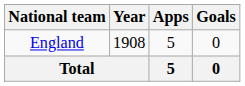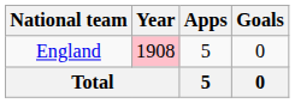 <table class=wikitable style="text-align: center">
 <tr>
 <th>National team</th>
 <th>Year</th>
 <th>Apps</th>
 <th>Goals</th>
 </tr>
 <tr>
 <td><a href='#'>England</a></td>
-<td>1908</td>
+<td style="background: pink;">1908</td>
 <td>5</td>
 <td>0</td>
 </tr>
 <tr>
 <th colspan=2>Total</th>
 <th>5</th>
 <th>0</th>
 </tr>
 </table>
